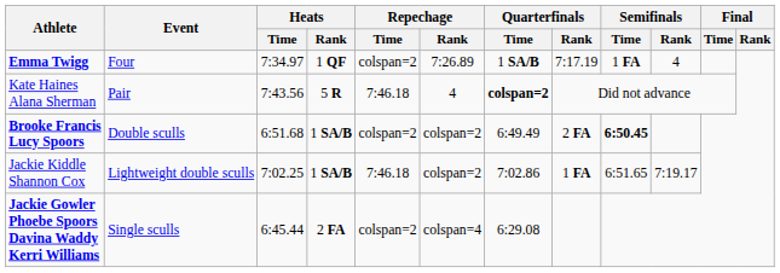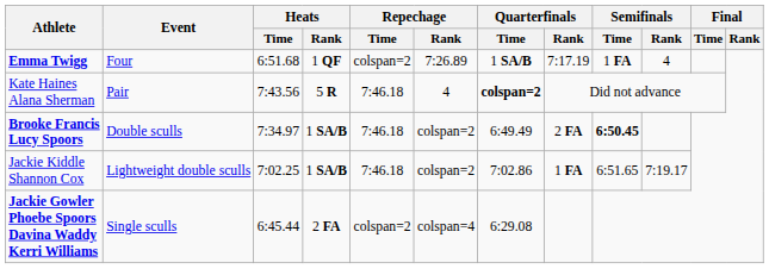 <table class=wikitable style=font-size:90%;text-align:center>
 <tr>
 <th rowspan=2>Athlete</th>
 <th rowspan=2>Event</th>
 <th colspan=2>Heats</th>
 <th colspan=2>Repechage</th>
 <th colspan=2>Quarterfinals</th>
 <th colspan=2>Semifinals</th>
 <th colspan=2>Final</th>
 </tr>
 <tr style=font-size:95%>
 <th>Time</th>
 <th>Rank</th>
 <th>Time</th>
 <th>Rank</th>
 <th>Time</th>
 <th>Rank</th>
 <th>Time</th>
 <th>Rank</th>
 <th>Time</th>
 <th>Rank</th>
 </tr>
 <tr>
 <td align=left><strong><a href='#'>Emma Twigg</a></strong></td>
 <td align=left><a href='#'>Four</a></td>
-<td>7:34.97</td>
+<td>6:51.68</td>
 <td>1 <strong>QF</strong></td>
 <td>colspan=2 </td>
 <td>7:26.89</td>
 <td>1 <strong>SA/B</strong></td>
 <td>7:17.19</td>
 <td>1 <strong>FA</strong></td>
 <td>4</td>
 <td></td>
 </tr>
 <tr>
 <td align=left><a href='#'>Kate Haines</a><br><a href='#'>Alana Sherman</a></td>
 <td align=left><a href='#'>Pair</a></td>
 <td>7:43.56</td>
 <td>5 <strong>R</strong></td>
 <td>7:46.18</td>
 <td>4</td>
 <td><strong>colspan=2 </strong></td>
 <td colspan=4>Did not advance</td>
 </tr>
 <tr>
 <td align=left><strong><a href='#'>Brooke Francis</a><br><a href='#'>Lucy Spoors</a></strong></td>
 <td align=left><a href='#'>Double sculls</a></td>
-<td>6:51.68</td>
+<td>7:34.97</td>
 <td>1 <strong>SA/B</strong></td>
-<td>colspan=2 </td>
+<td>7:46.18</td>
 <td>colspan=2 </td>
 <td>6:49.49</td>
 <td>2 <strong>FA</strong></td>
 <td><strong>6:50.45</strong></td>
 <td></td>
 </tr>
 <tr>
 <td align=left><a href='#'>Jackie Kiddle</a><br><a href='#'>Shannon Cox</a></td>
 <td align=left><a href='#'>Lightweight double sculls</a></td>
 <td>7:02.25</td>
 <td>1 <strong>SA/B</strong></td>
 <td>7:46.18</td>
 <td>colspan=2 </td>
 <td>7:02.86</td>
 <td>1 <strong>FA</strong></td>
 <td>6:51.65</td>
 <td>7:19.17</td>
 </tr>
 <tr>
 <td align=left><strong><a href='#'>Jackie Gowler</a><br><a href='#'>Phoebe Spoors</a><br><a href='#'>Davina Waddy</a><br><a href='#'>Kerri Williams</a></strong></td>
 <td align=left><a href='#'>Single sculls</a></td>
 <td>6:45.44</td>
 <td>2 <strong>FA</strong></td>
 <td>colspan=2 </td>
 <td>colspan=4 </td>
 <td>6:29.08</td>
 <td></td>
 </tr>
 </table>
